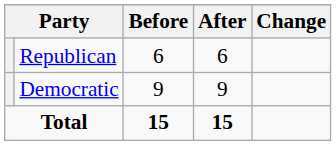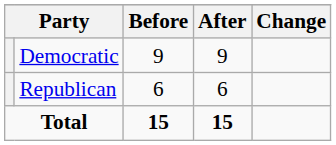 <table class="wikitable" style="text-align:center;">
 <tr>
 </tr>
 <tr>
 <th colspan=2>Party</th>
 <th>Before</th>
 <th>After</th>
 <th>Change</th>
 </tr>
 <tr>
 <th style="background-color:"></th>
-<td style="text-align:left;"><a href='#'>Republican</a></td>
-<td>6</td>
-<td>6</td>
+<td style="text-align:left;"><a href='#'>Democratic</a></td>
+<td>9</td>
+<td>9</td>
 <td></td>
 </tr>
 <tr>
 <th style="background-color:"></th>
-<td style="text-align:left;"><a href='#'>Democratic</a></td>
-<td>9</td>
-<td>9</td>
+<td style="text-align:left;"><a href='#'>Republican</a></td>
+<td>6</td>
+<td>6</td>
 <td></td>
 </tr>
 <tr>
 <td colspan=2><strong>Total</strong></td>
 <td><strong>15</strong></td>
 <td><strong>15</strong></td>
 <td></td>
 </tr>
 </table>
